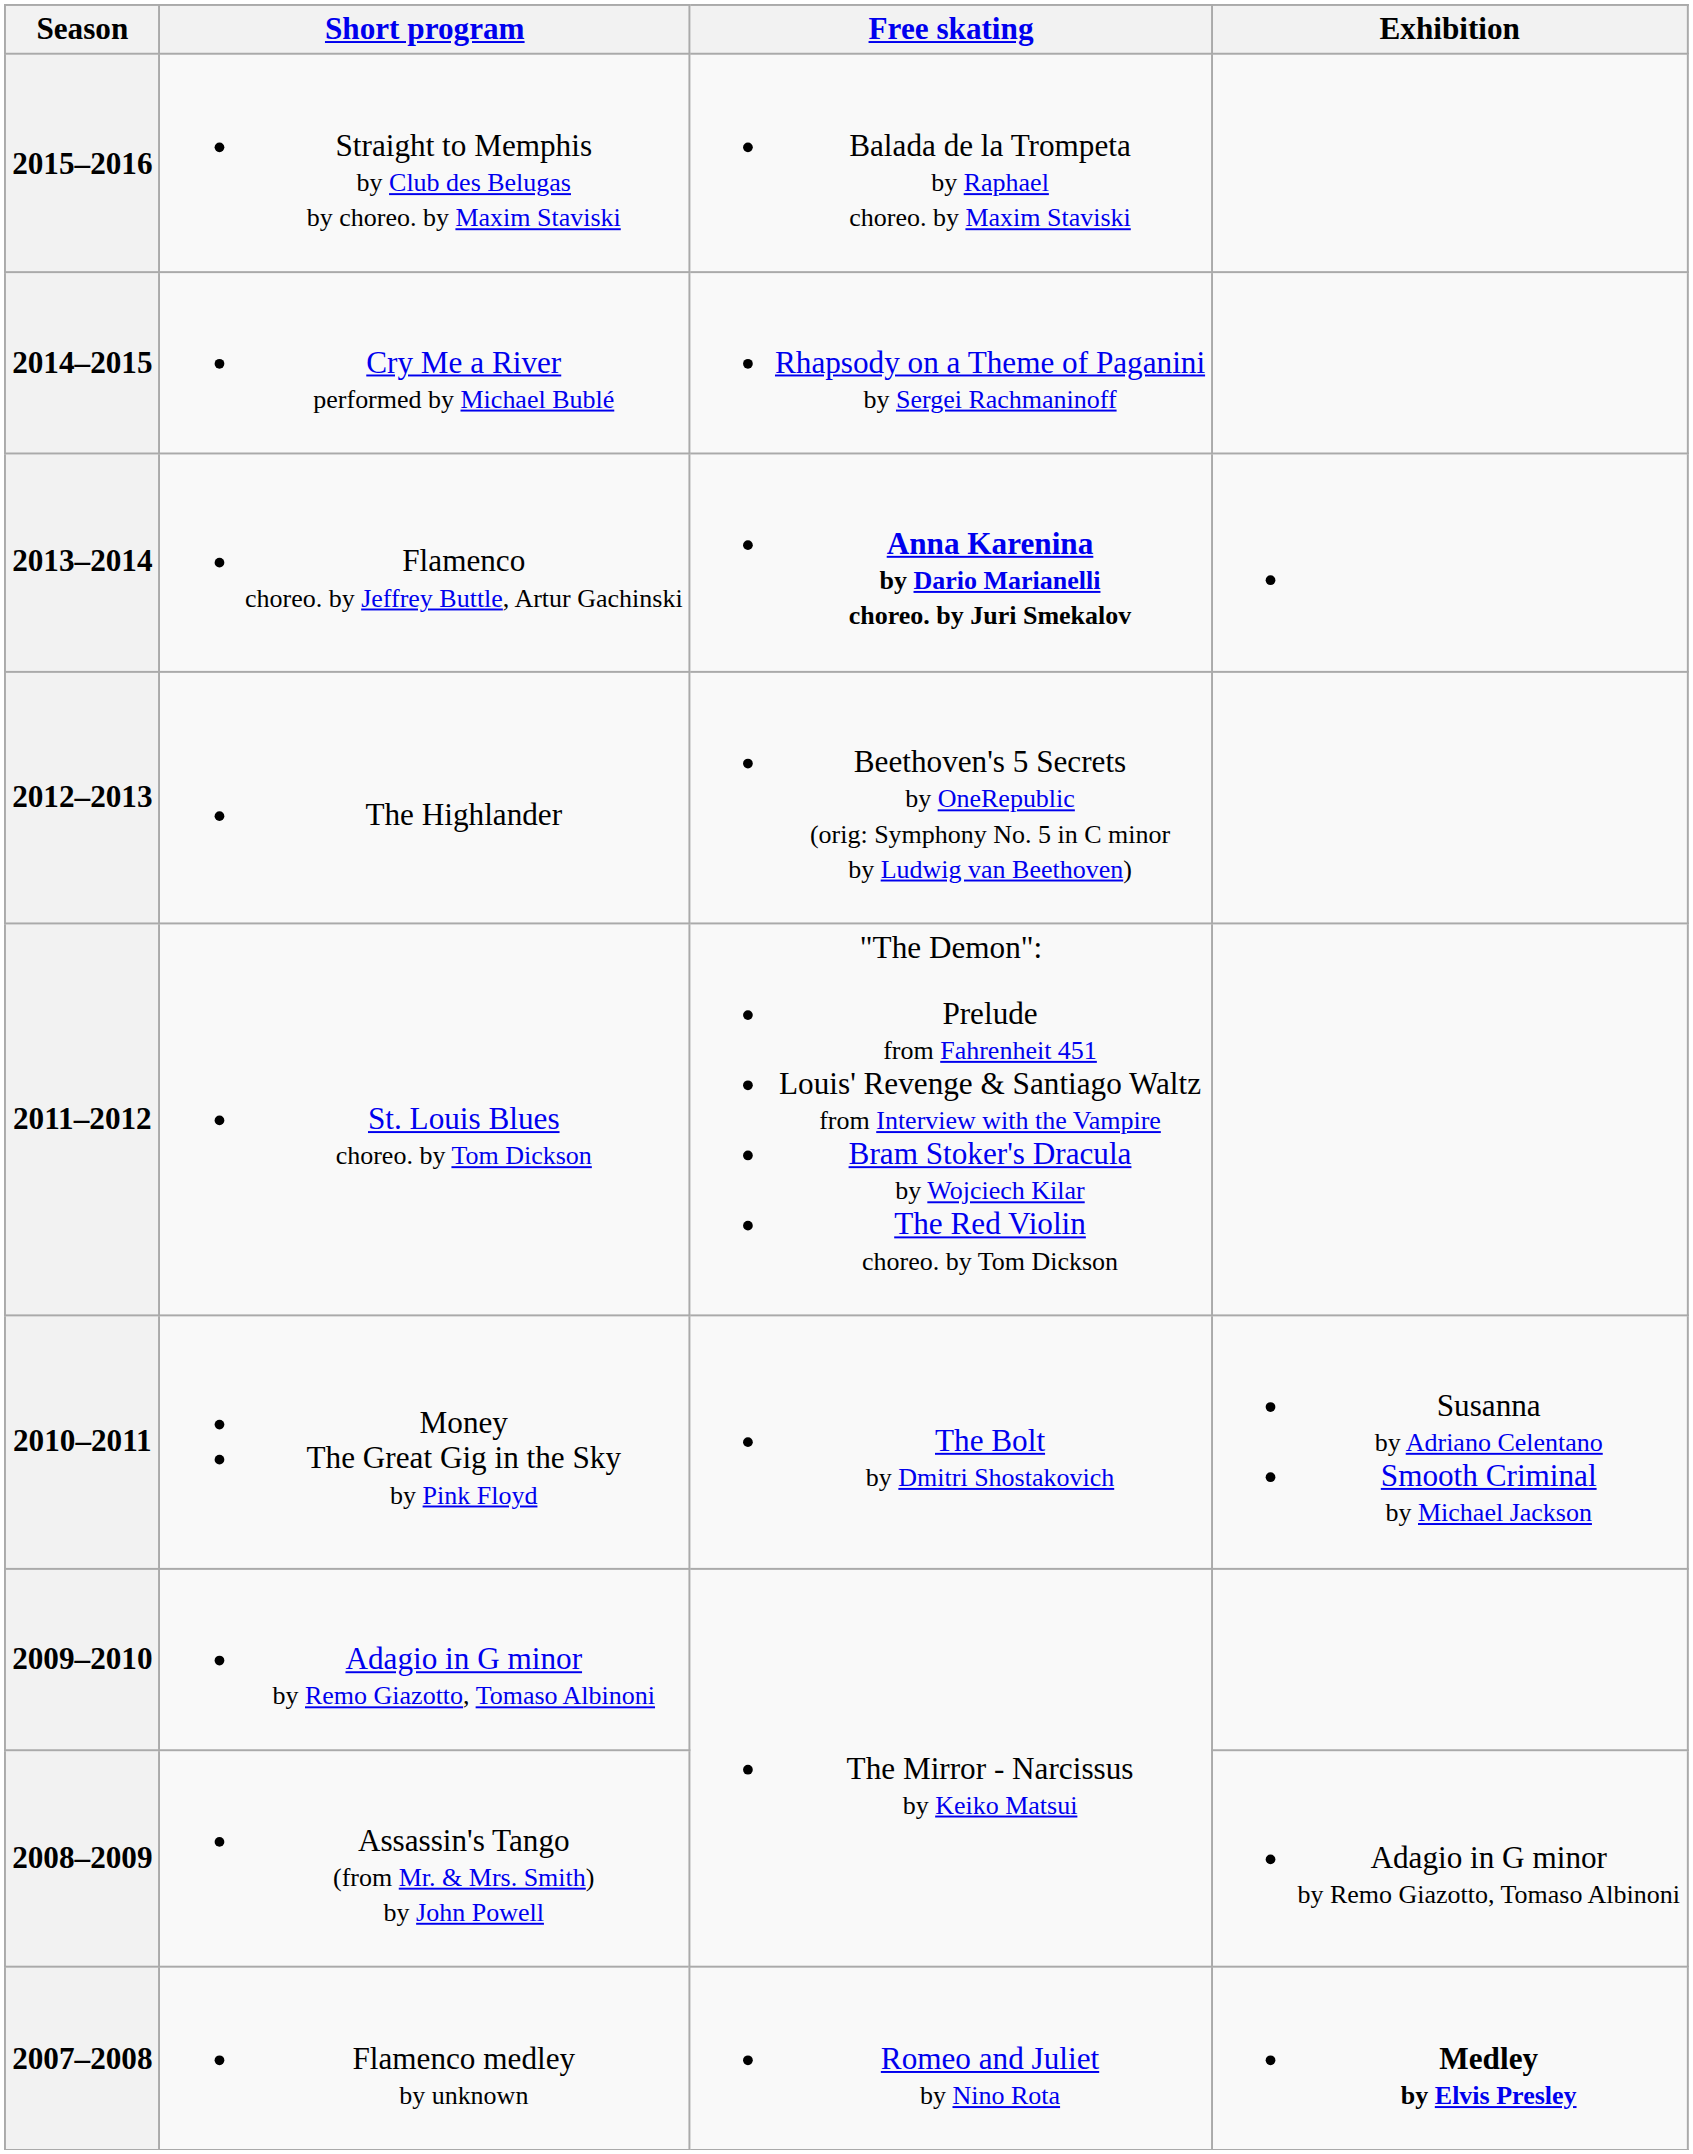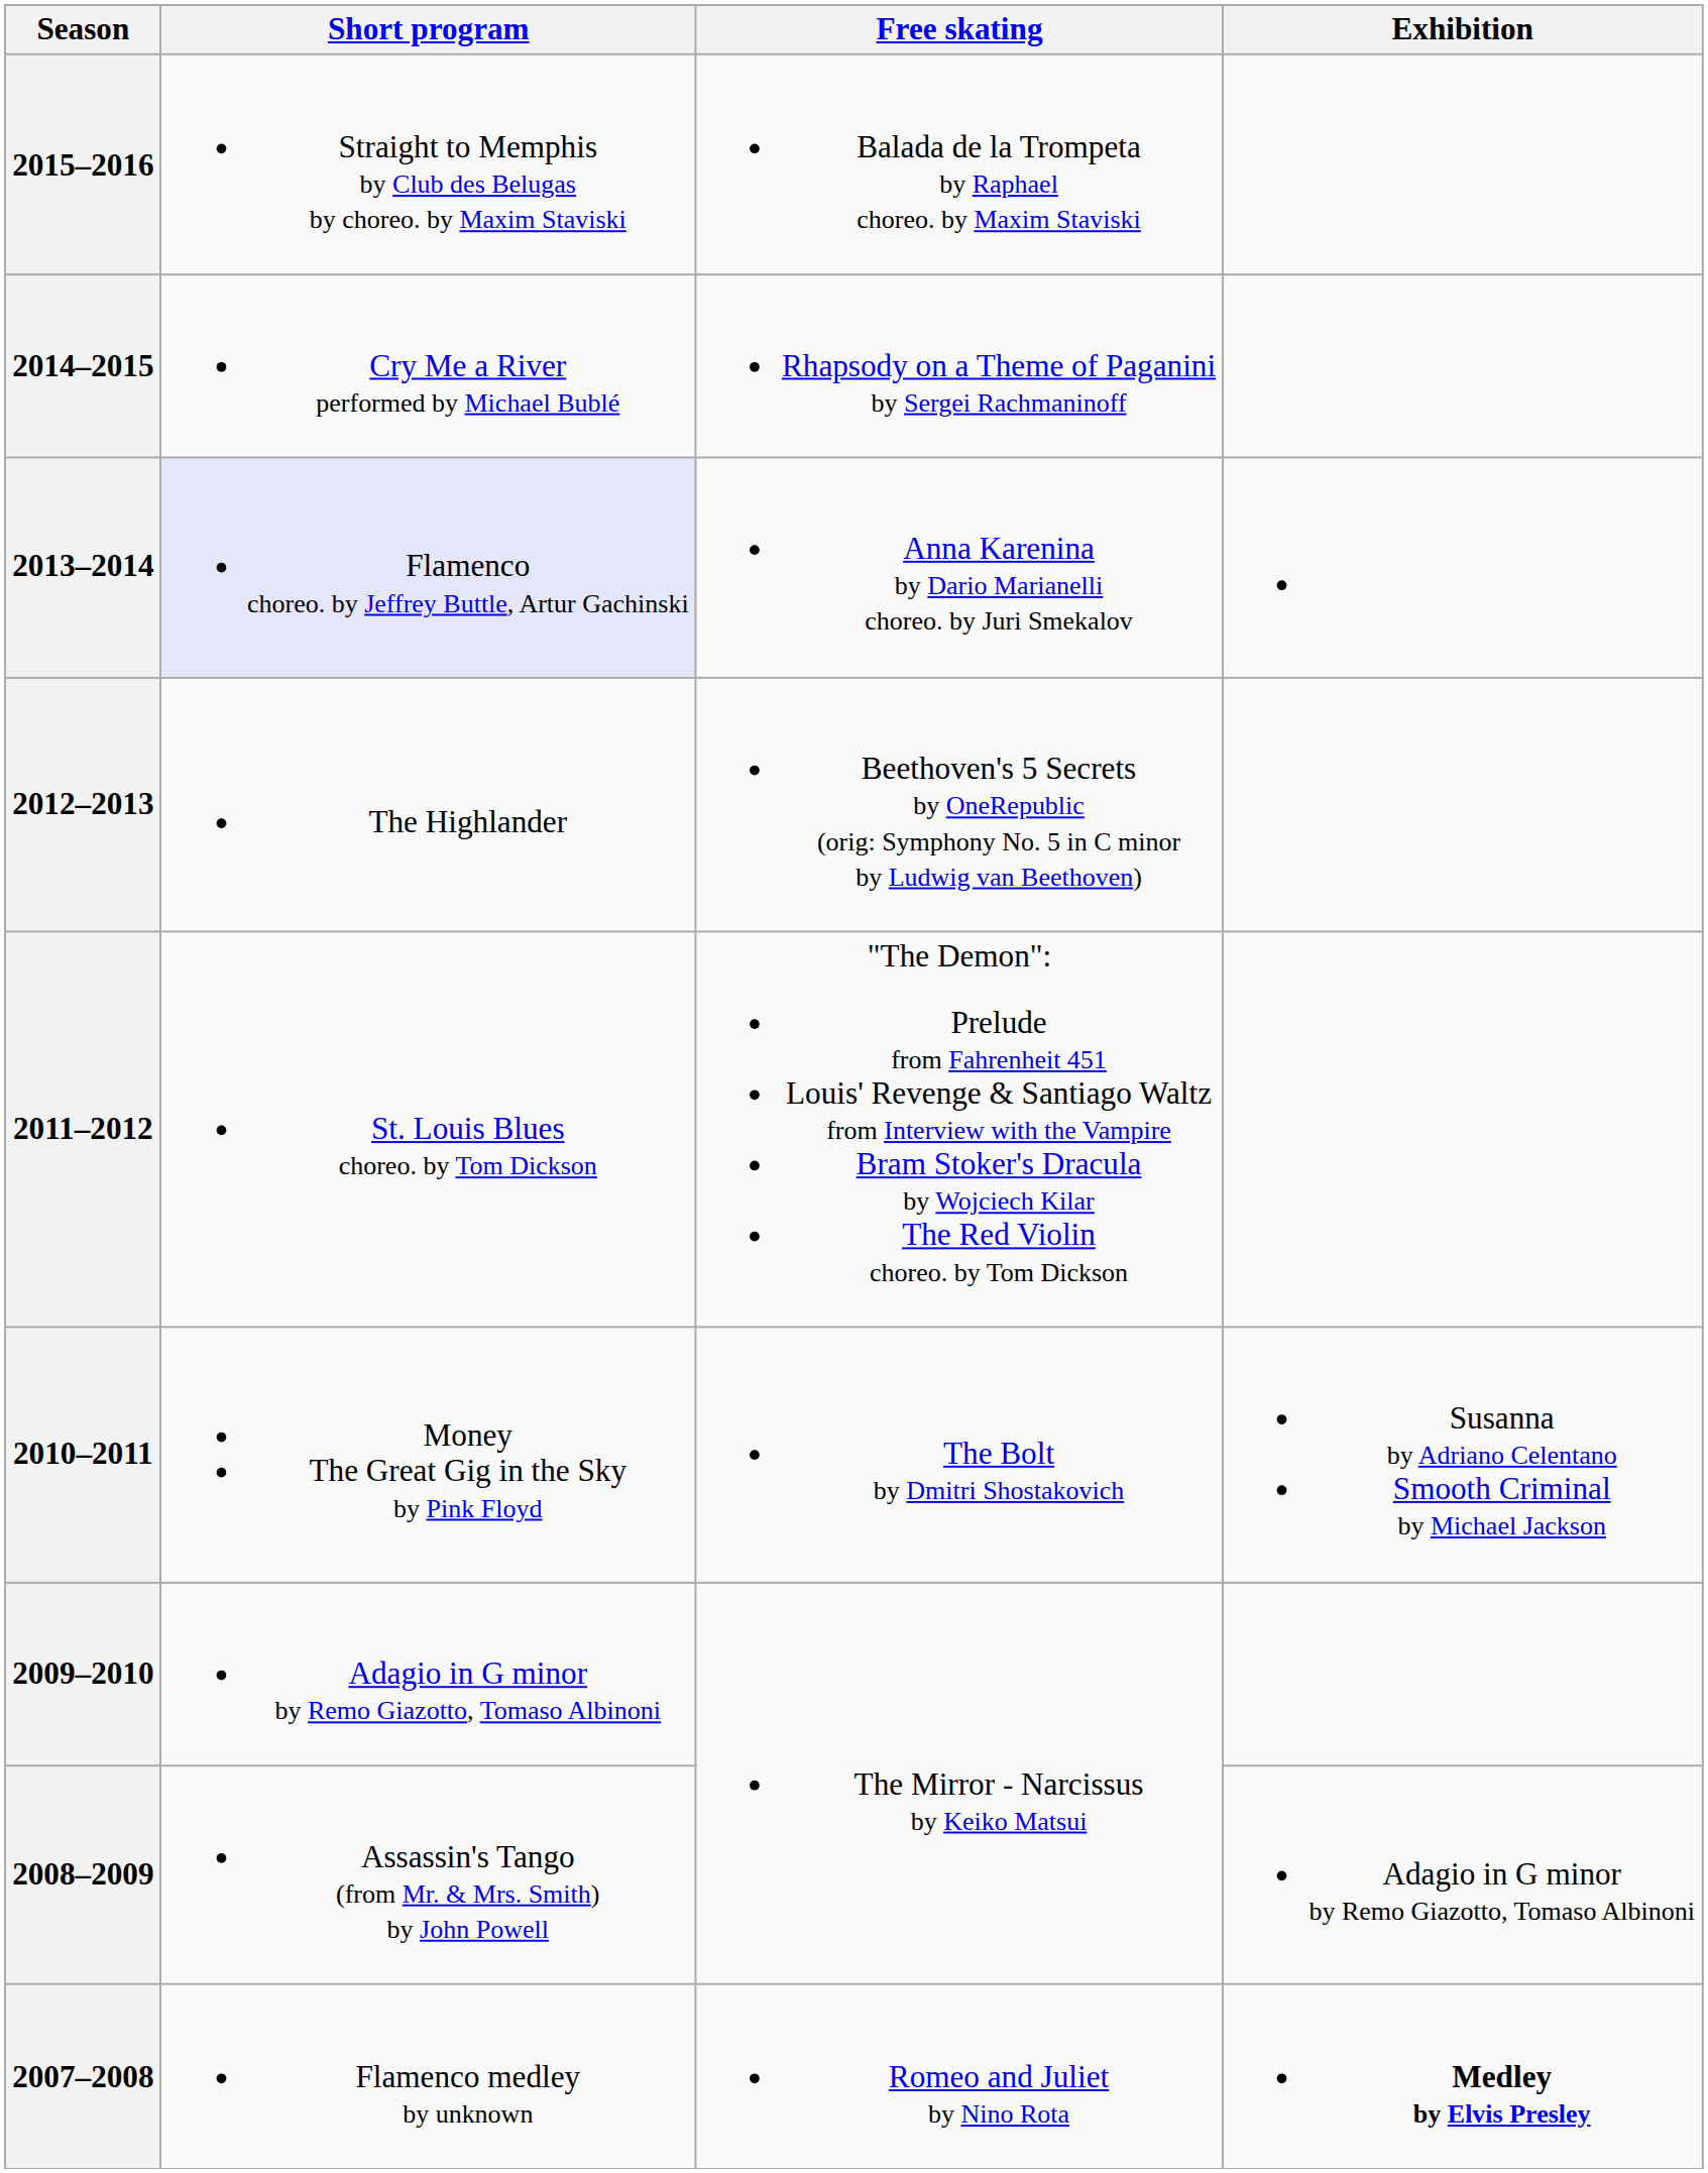 <table class="wikitable" style="text-align: center">
 <tr>
 <th>Season</th>
 <th><a href='#'>Short program</a></th>
 <th><a href='#'>Free skating</a></th>
 <th>Exhibition</th>
 </tr>
 <tr>
 <th>2015–2016 <br> </th>
 <td><br><ul><li>Straight to Memphis <br><small> by <a href='#'>Club des Belugas</a> <br> by choreo. by <a href='#'>Maxim Staviski</a> </small></li></ul></td>
 <td><br><ul><li>Balada de la Trompeta <br><small> by <a href='#'>Raphael</a> <br> choreo. by <a href='#'>Maxim Staviski</a> </small></li></ul></td>
 <td></td>
 </tr>
 <tr>
 <th>2014–2015 <br> </th>
 <td><br><ul><li><a href='#'>Cry Me a River</a> <br><small> performed by <a href='#'>Michael Bublé</a> </small></li></ul></td>
 <td><br><ul><li><a href='#'>Rhapsody on a Theme of Paganini</a> <br><small> by <a href='#'>Sergei Rachmaninoff</a> </small></li></ul></td>
 <td></td>
 </tr>
 <tr>
 <th>2013–2014 <br> </th>
-<td><br><ul><li>Flamenco <br><small> choreo. by <a href='#'>Jeffrey Buttle</a>, Artur Gachinski </small></li></ul></td>
-<td><strong><br><ul><li><a href='#'>Anna Karenina</a> <br><small> by <a href='#'>Dario Marianelli</a> <br> choreo. by Juri Smekalov </small></li></ul></strong></td>
+<td style="background: lavender;"><br><ul><li>Flamenco <br><small> choreo. by <a href='#'>Jeffrey Buttle</a>, Artur Gachinski </small></li></ul></td>
+<td><br><ul><li><a href='#'>Anna Karenina</a> <br><small> by <a href='#'>Dario Marianelli</a> <br> choreo. by Juri Smekalov </small></li></ul></td>
 <td><br><ul><li></li></ul></td>
 </tr>
 <tr>
 <th>2012–2013 <br> </th>
 <td><br><ul><li>The Highlander</li></ul></td>
 <td><br><ul><li>Beethoven's 5 Secrets <br><small> by <a href='#'>OneRepublic</a> <br> (orig: Symphony No. 5 in C minor <br> by <a href='#'>Ludwig van Beethoven</a>) </small></li></ul></td>
 <td></td>
 </tr>
 <tr>
 <th>2011–2012 <br> </th>
 <td><br><ul><li><a href='#'>St. Louis Blues</a> <br><small> choreo. by <a href='#'>Tom Dickson</a> </small></li></ul></td>
 <td>"The Demon":<br><ul><li>Prelude <br><small> from <a href='#'>Fahrenheit 451</a> </small></li><li>Louis' Revenge & Santiago Waltz <br><small> from <a href='#'>Interview with the Vampire</a> </small></li><li><a href='#'>Bram Stoker's Dracula</a> <br><small> by <a href='#'>Wojciech Kilar</a> </small></li><li><a href='#'>The Red Violin</a> <br><small> choreo. by Tom Dickson </small></li></ul></td>
 <td></td>
 </tr>
 <tr>
 <th>2010–2011 <br> </th>
 <td><br><ul><li>Money</li><li>The Great Gig in the Sky <br><small> by <a href='#'>Pink Floyd</a> </small></li></ul></td>
 <td><br><ul><li><a href='#'>The Bolt</a> <br><small> by <a href='#'>Dmitri Shostakovich</a> </small></li></ul></td>
 <td><br><ul><li>Susanna <br><small> by <a href='#'>Adriano Celentano</a></small></li><li><a href='#'>Smooth Criminal</a> <br><small> by <a href='#'>Michael Jackson</a> </small></li></ul></td>
 </tr>
 <tr>
 <th>2009–2010 <br> </th>
 <td><br><ul><li><a href='#'>Adagio in G minor</a> <br><small> by <a href='#'>Remo Giazotto</a>, <a href='#'>Tomaso Albinoni</a> </small></li></ul></td>
 <td rowspan=2><br><ul><li>The Mirror - Narcissus <br><small> by <a href='#'>Keiko Matsui</a> </small></li></ul></td>
 <td></td>
 </tr>
 <tr>
 <th>2008–2009 <br> </th>
 <td><br><ul><li>Assassin's Tango <br><small> (from <a href='#'>Mr. & Mrs. Smith</a>) <br> by <a href='#'>John Powell</a> </small></li></ul></td>
 <td><br><ul><li>Adagio in G minor <br><small> by Remo Giazotto, Tomaso Albinoni </small></li></ul></td>
 </tr>
 <tr>
 <th>2007–2008 <br> </th>
 <td><br><ul><li>Flamenco medley <br><small> by unknown </small></li></ul></td>
 <td><br><ul><li><a href='#'>Romeo and Juliet</a> <br><small> by <a href='#'>Nino Rota</a></small></li></ul></td>
 <td><strong><br><ul><li>Medley <br><small> by <a href='#'>Elvis Presley</a> </small></li></ul></strong></td>
 </tr>
 </table>
